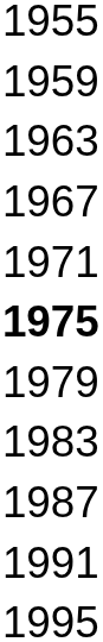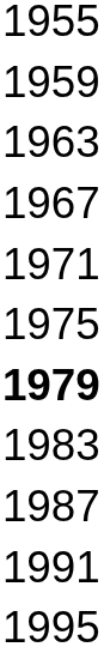 <table>
 <tr>
 <td>1955</td>
 <td></td>
 <td></td>
 <td></td>
 </tr>
 <tr>
 <td>1959</td>
 <td></td>
 <td></td>
 <td></td>
 </tr>
 <tr>
 <td>1963</td>
 <td></td>
 <td></td>
 <td></td>
 </tr>
 <tr>
 <td>1967</td>
 <td></td>
 <td></td>
 <td></td>
 </tr>
 <tr>
 <td>1971</td>
 <td></td>
 <td></td>
 <td></td>
 </tr>
 <tr>
-<td><strong>1975</strong></td>
+<td>1975</td>
 <td></td>
 <td></td>
 <td></td>
 </tr>
 <tr>
-<td>1979</td>
+<td><strong>1979</strong></td>
 <td></td>
 <td></td>
 <td></td>
 </tr>
 <tr>
 <td>1983</td>
 <td></td>
 <td></td>
 <td></td>
 </tr>
 <tr>
 <td>1987</td>
 <td></td>
 <td></td>
 <td></td>
 </tr>
 <tr>
 <td>1991</td>
 <td></td>
 <td></td>
 <td></td>
 </tr>
 <tr>
 <td>1995</td>
 <td></td>
 <td></td>
 <td></td>
 </tr>
 </table>
